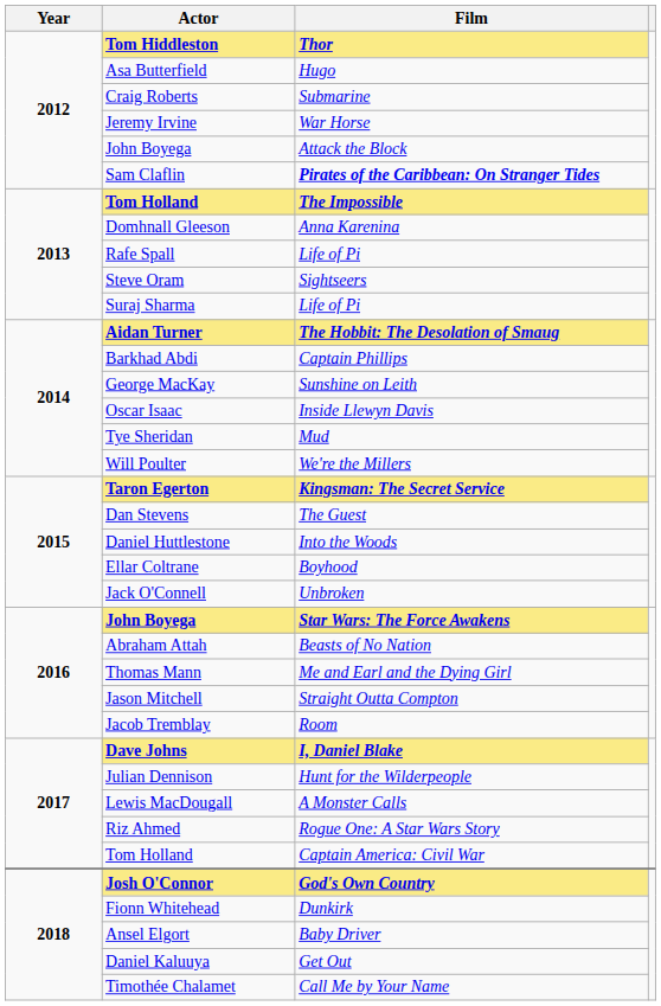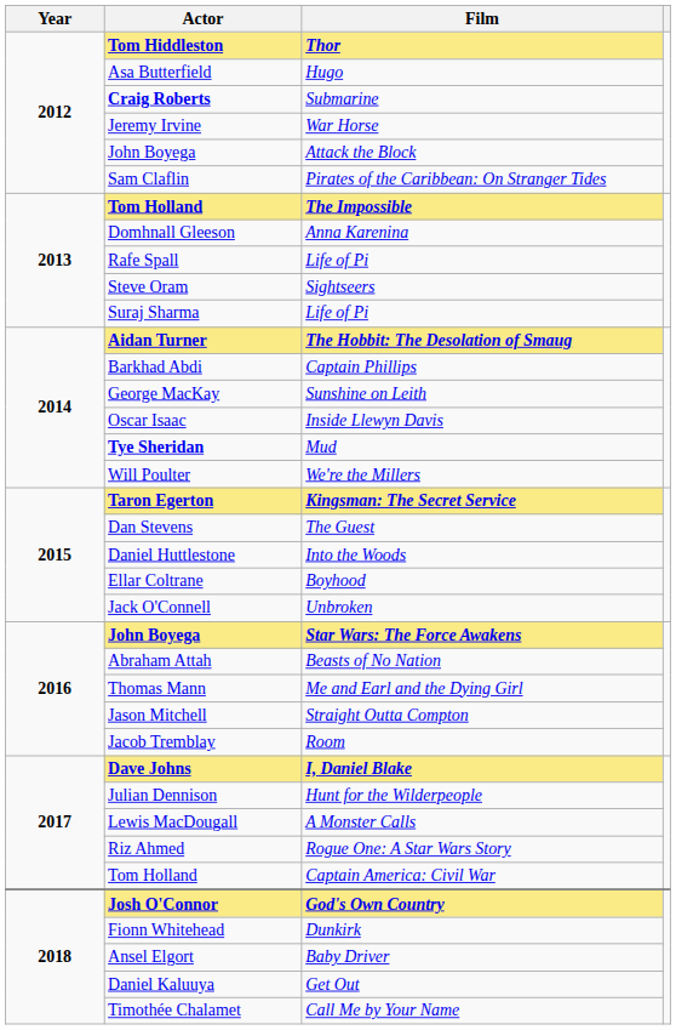 <table class="wikitable" width="50%">
 <tr>
 <th width="15%">Year</th>
 <th width="30%">Actor</th>
 <th width="60%">Film</th>
 <th width="2%"></th>
 </tr>
 <tr>
 <td rowspan="6" style="text-align:center"><strong>2012<br> </strong></td>
 <td style="background:#FAEB86"><strong><a href='#'>Tom Hiddleston</a></strong></td>
 <td style="background:#FAEB86"><strong><em><a href='#'>Thor</a></em></strong></td>
 <td rowspan="6" style="text-align:center"></td>
 </tr>
 <tr>
 <td><a href='#'>Asa Butterfield</a></td>
 <td><em><a href='#'>Hugo</a></em></td>
 </tr>
 <tr>
-<td><a href='#'>Craig Roberts</a></td>
+<td><strong><a href='#'>Craig Roberts</a></strong></td>
 <td><em><a href='#'>Submarine</a></em></td>
 </tr>
 <tr>
 <td><a href='#'>Jeremy Irvine</a></td>
 <td><em><a href='#'>War Horse</a></em></td>
 </tr>
 <tr>
 <td><a href='#'>John Boyega</a></td>
 <td><em><a href='#'>Attack the Block</a></em></td>
 </tr>
 <tr>
 <td><a href='#'>Sam Claflin</a></td>
-<td><strong><em><a href='#'>Pirates of the Caribbean: On Stranger Tides</a></em></strong></td>
+<td><em><a href='#'>Pirates of the Caribbean: On Stranger Tides</a></em></td>
 </tr>
 <tr>
 <td rowspan="5" style="text-align:center"><strong>2013<br> </strong></td>
 <td style="background:#FAEB86"><strong><a href='#'>Tom Holland</a></strong></td>
 <td style="background:#FAEB86"><strong><em><a href='#'>The Impossible</a></em></strong></td>
 <td rowspan="5" style="text-align:center"></td>
 </tr>
 <tr>
 <td><a href='#'>Domhnall Gleeson</a></td>
 <td><em><a href='#'>Anna Karenina</a></em></td>
 </tr>
 <tr>
 <td><a href='#'>Rafe Spall</a></td>
 <td><em><a href='#'>Life of Pi</a></em></td>
 </tr>
 <tr>
 <td><a href='#'>Steve Oram</a></td>
 <td><em><a href='#'>Sightseers</a></em></td>
 </tr>
 <tr>
 <td><a href='#'>Suraj Sharma</a></td>
 <td><em><a href='#'>Life of Pi</a></em></td>
 </tr>
 <tr>
 <td rowspan="6" style="text-align:center"><strong>2014<br> </strong></td>
 <td style="background:#FAEB86"><strong><a href='#'>Aidan Turner</a></strong></td>
 <td style="background:#FAEB86"><strong><em><a href='#'>The Hobbit: The Desolation of Smaug</a></em></strong></td>
 <td rowspan="6" style="text-align:center"></td>
 </tr>
 <tr>
 <td><a href='#'>Barkhad Abdi</a></td>
 <td><em><a href='#'>Captain Phillips</a></em></td>
 </tr>
 <tr>
 <td><a href='#'>George MacKay</a></td>
 <td><em><a href='#'>Sunshine on Leith</a></em></td>
 </tr>
 <tr>
 <td><a href='#'>Oscar Isaac</a></td>
 <td><em><a href='#'>Inside Llewyn Davis</a></em></td>
 </tr>
 <tr>
-<td><a href='#'>Tye Sheridan</a></td>
+<td><strong><a href='#'>Tye Sheridan</a></strong></td>
 <td><em><a href='#'>Mud</a></em></td>
 </tr>
 <tr>
 <td><a href='#'>Will Poulter</a></td>
 <td><em><a href='#'>We're the Millers</a></em></td>
 </tr>
 <tr>
 <td rowspan="5" style="text-align:center"><strong>2015<br> </strong></td>
 <td style="background:#FAEB86"><strong><a href='#'>Taron Egerton</a></strong></td>
 <td style="background:#FAEB86"><strong><em><a href='#'>Kingsman: The Secret Service</a></em></strong></td>
 <td rowspan="5" style="text-align:center"></td>
 </tr>
 <tr>
 <td><a href='#'>Dan Stevens</a></td>
 <td><em><a href='#'>The Guest</a></em></td>
 </tr>
 <tr>
 <td><a href='#'>Daniel Huttlestone</a></td>
 <td><em><a href='#'>Into the Woods</a></em></td>
 </tr>
 <tr>
 <td><a href='#'>Ellar Coltrane</a></td>
 <td><em><a href='#'>Boyhood</a></em></td>
 </tr>
 <tr>
 <td><a href='#'>Jack O'Connell</a></td>
 <td><em><a href='#'>Unbroken</a></em></td>
 </tr>
 <tr>
 <td rowspan="5" style="text-align:center"><strong>2016<br> </strong></td>
 <td style="background:#FAEB86"><strong><a href='#'>John Boyega</a></strong></td>
 <td style="background:#FAEB86"><strong><em><a href='#'>Star Wars: The Force Awakens</a></em></strong></td>
 <td rowspan="5" style="text-align:center"></td>
 </tr>
 <tr>
 <td><a href='#'>Abraham Attah</a></td>
 <td><em><a href='#'>Beasts of No Nation</a></em></td>
 </tr>
 <tr>
 <td><a href='#'>Thomas Mann</a></td>
 <td><em><a href='#'>Me and Earl and the Dying Girl</a></em></td>
 </tr>
 <tr>
 <td><a href='#'>Jason Mitchell</a></td>
 <td><em><a href='#'>Straight Outta Compton</a></em></td>
 </tr>
 <tr>
 <td><a href='#'>Jacob Tremblay</a></td>
 <td><em><a href='#'>Room</a></em></td>
 </tr>
 <tr>
 <td rowspan="5" style="text-align:center"><strong>2017<br> </strong></td>
 <td style="background:#FAEB86"><strong><a href='#'>Dave Johns</a></strong></td>
 <td style="background:#FAEB86"><strong><em><a href='#'>I, Daniel Blake</a></em></strong></td>
 <td rowspan="5" style="text-align:center"></td>
 </tr>
 <tr>
 <td><a href='#'>Julian Dennison</a></td>
 <td><em><a href='#'>Hunt for the Wilderpeople</a></em></td>
 </tr>
 <tr>
 <td><a href='#'>Lewis MacDougall</a></td>
 <td><em><a href='#'>A Monster Calls</a></em></td>
 </tr>
 <tr>
 <td><a href='#'>Riz Ahmed</a></td>
 <td><em><a href='#'>Rogue One: A Star Wars Story</a></em></td>
 </tr>
 <tr>
 <td><a href='#'>Tom Holland</a></td>
 <td><em><a href='#'>Captain America: Civil War</a></em></td>
 </tr>
 <tr style="border-top:2px solid gray;">
 <td rowspan="5" style="text-align:center"><strong>2018<br> </strong></td>
 <td style="background:#FAEB86"><strong><a href='#'>Josh O'Connor</a></strong></td>
 <td style="background:#FAEB86"><strong><em><a href='#'>God's Own Country</a></em></strong></td>
 <td rowspan="5" style="text-align:center"></td>
 </tr>
 <tr>
 <td><a href='#'>Fionn Whitehead</a></td>
 <td><em><a href='#'>Dunkirk</a></em></td>
 </tr>
 <tr>
 <td><a href='#'>Ansel Elgort</a></td>
 <td><em><a href='#'>Baby Driver</a></em></td>
 </tr>
 <tr>
 <td><a href='#'>Daniel Kaluuya</a></td>
 <td><em><a href='#'>Get Out</a></em></td>
 </tr>
 <tr>
 <td><a href='#'>Timothée Chalamet</a></td>
 <td><em><a href='#'>Call Me by Your Name</a></em></td>
 </tr>
 </table>
